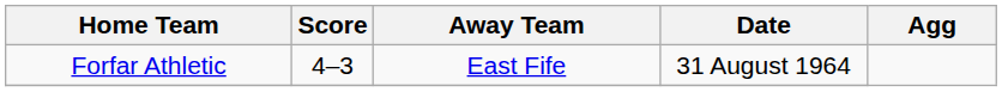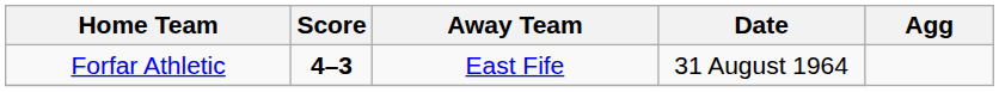 <table class="wikitable" style="text-align:center;">
 <tr>
 <th width=175>Home Team</th>
 <th width=20>Score</th>
 <th width=175>Away Team</th>
 <th width= 125>Date</th>
 <th width= 75>Agg</th>
 </tr>
 <tr>
 <td><a href='#'>Forfar Athletic</a></td>
-<td>4–3</td>
+<td><strong>4–3</strong></td>
 <td><a href='#'>East Fife</a></td>
 <td>31 August 1964</td>
 </tr>
 <tr>
 </tr>
 </table>
